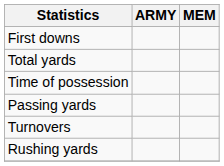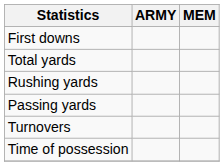 <table class="wikitable">
 <tr>
 <th>Statistics</th>
 <th>ARMY</th>
 <th>MEM</th>
 </tr>
 <tr>
 <td>First downs</td>
 <td></td>
 <td></td>
 </tr>
 <tr>
 <td>Total yards</td>
 <td></td>
 <td></td>
 </tr>
 <tr>
-<td>Time of possession</td>
+<td>Rushing yards</td>
 <td></td>
 <td></td>
 </tr>
 <tr>
 <td>Passing yards</td>
 <td></td>
 <td></td>
 </tr>
 <tr>
 <td>Turnovers</td>
 <td></td>
 <td></td>
 </tr>
 <tr>
-<td>Rushing yards</td>
+<td>Time of possession</td>
 <td></td>
 <td></td>
 </tr>
 <tr>
 </tr>
 </table>
